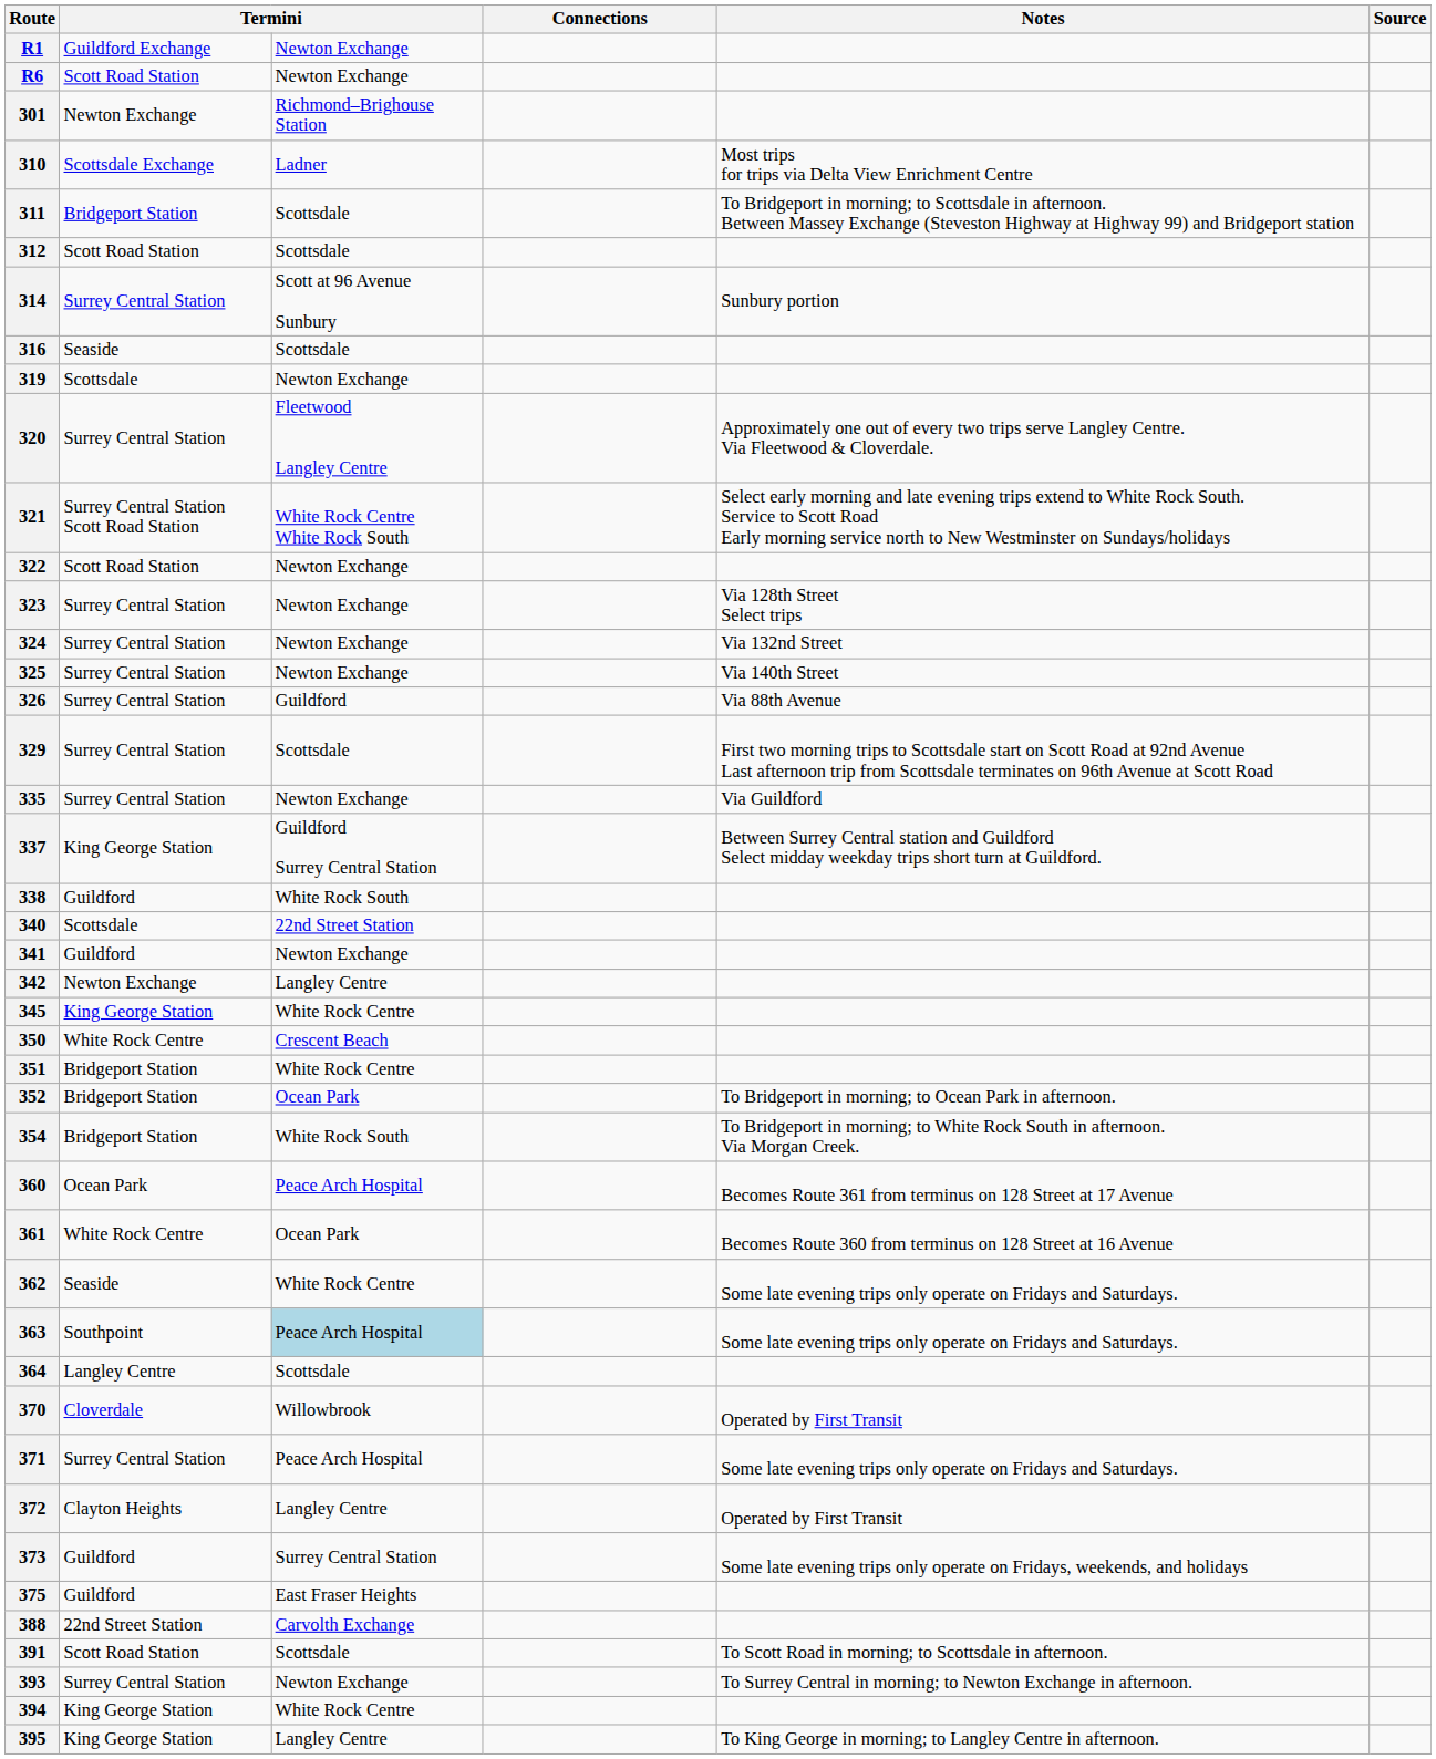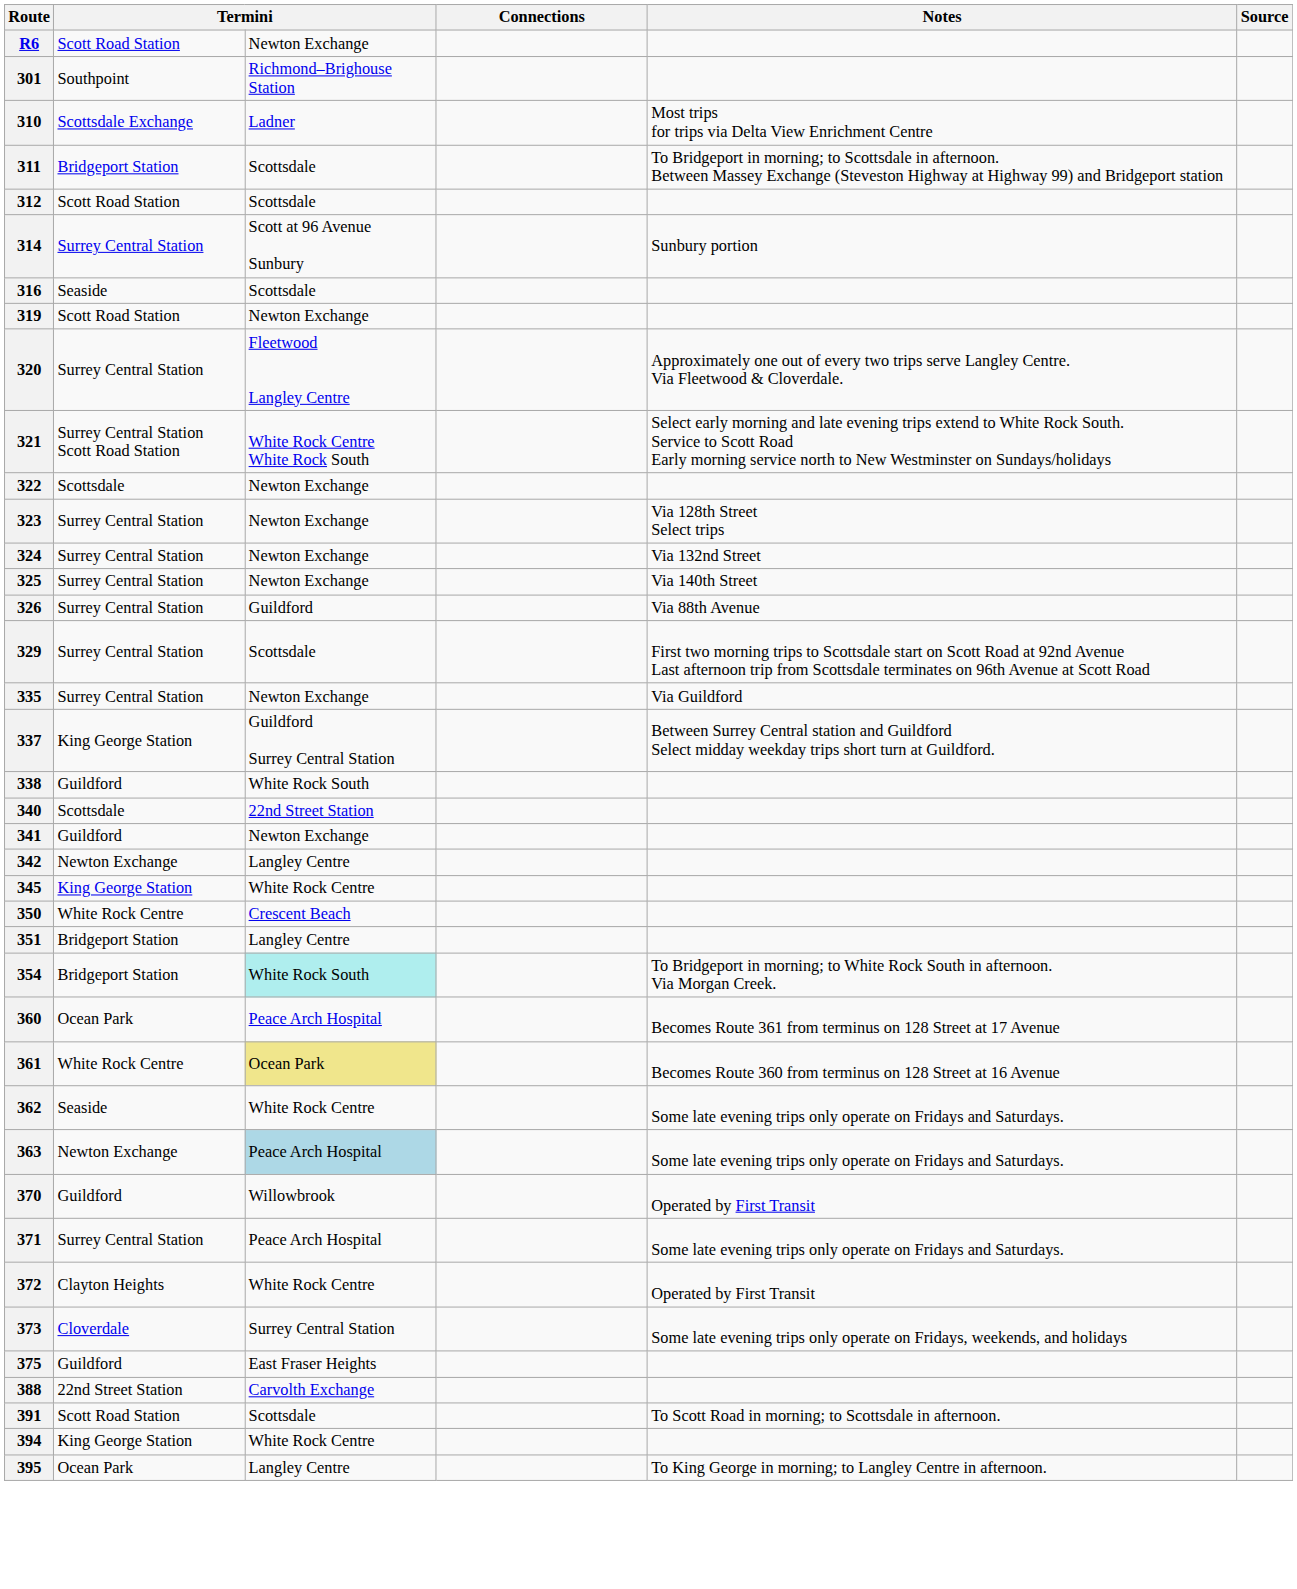 <table class="wikitable" style="width: 100%">
 <tr>
 <th width="40">Route</th>
 <th colspan=2>Termini</th>
 <th width="200">Connections</th>
 <th>Notes</th>
 <th>Source</th>
-</tr>
-<tr>
-<th><a href='#'>R1</a></th>
-<td width="180"><a href='#'>Guildford Exchange</a></td>
-<td width="180"><a href='#'>Newton Exchange</a></td>
-<td></td>
-<td></td>
-<td style="text-align: center;"></td>
 </tr>
 <tr>
 <th><a href='#'>R6</a></th>
 <td width="180"><a href='#'>Scott Road Station</a></td>
 <td width="180">Newton Exchange</td>
 <td></td>
 <td></td>
 <td style="text-align: center;"></td>
 </tr>
 <tr>
 <th>301</th>
-<td width="180">Newton Exchange</td>
+<td>Southpoint<br></td>
 <td width="180"><a href='#'>Richmond–Brighouse Station</a></td>
 <td></td>
 <td><br></td>
 <td style="text-align: center;"></td>
 </tr>
 <tr>
 <th>310</th>
 <td><a href='#'>Scottsdale Exchange</a></td>
 <td><a href='#'>Ladner</a><br></td>
 <td></td>
 <td> Most trips<br> for trips via Delta View Enrichment Centre</td>
 <td style="text-align: center;"></td>
 </tr>
 <tr>
 <th>311</th>
 <td><a href='#'>Bridgeport Station</a></td>
 <td>Scottsdale</td>
 <td></td>
 <td> To Bridgeport in morning; to Scottsdale in afternoon.<br> Between Massey Exchange (Steveston Highway at Highway 99) and Bridgeport station</td>
 <td style="text-align: center;"></td>
 </tr>
 <tr>
 <th>312</th>
 <td>Scott Road Station</td>
 <td>Scottsdale</td>
 <td></td>
 <td></td>
 <td style="text-align: center;"></td>
 </tr>
 <tr>
 <th>314</th>
 <td><a href='#'>Surrey Central Station</a></td>
 <td>Scott at 96 Avenue<br><br>Sunbury<br></td>
 <td></td>
 <td> Sunbury portion</td>
 <td style="text-align: center;"></td>
 </tr>
 <tr>
 <th>316</th>
 <td>Seaside<br></td>
 <td>Scottsdale</td>
 <td></td>
 <td></td>
 <td style="text-align: center;"></td>
 </tr>
 <tr>
 <th>319</th>
-<td>Scottsdale</td>
+<td>Scott Road Station</td>
 <td>Newton Exchange</td>
 <td></td>
 <td></td>
 <td style="text-align: center;"></td>
 </tr>
 <tr>
 <th>320</th>
 <td>Surrey Central Station</td>
 <td><a href='#'>Fleetwood</a><br><br><br><a href='#'>Langley Centre</a></td>
 <td></td>
 <td>Approximately one out of every two trips serve Langley Centre. <br>Via Fleetwood & Cloverdale.</td>
 <td style="text-align: center;"></td>
 </tr>
 <tr>
 <th>321</th>
 <td>Surrey Central Station<br>Scott Road Station</td>
 <td><br><a href='#'>White Rock Centre</a><br> <a href='#'>White Rock</a> South<br></td>
 <td><br></td>
 <td>Select early morning and late evening trips extend to White Rock South.<br> Service to Scott Road<br> Early morning service north to New Westminster on Sundays/holidays</td>
 <td style="text-align: center;"></td>
 </tr>
 <tr>
 <th>322</th>
-<td>Scott Road Station</td>
+<td>Scottsdale</td>
 <td>Newton Exchange</td>
 <td></td>
 <td></td>
 <td style="text-align: center;"></td>
 </tr>
 <tr>
 <th>323</th>
 <td>Surrey Central Station</td>
 <td>Newton Exchange</td>
 <td></td>
 <td>Via 128th Street<br> Select trips</td>
 <td style="text-align: center;"></td>
 </tr>
 <tr>
 <th>324</th>
 <td>Surrey Central Station</td>
 <td>Newton Exchange</td>
 <td></td>
 <td>Via 132nd Street</td>
 <td style="text-align: center;"></td>
 </tr>
 <tr>
 <th>325</th>
 <td>Surrey Central Station</td>
 <td>Newton Exchange</td>
 <td></td>
 <td>Via 140th Street</td>
 <td style="text-align: center;"></td>
 </tr>
 <tr>
 <th>326</th>
 <td>Surrey Central Station</td>
 <td>Guildford</td>
 <td></td>
 <td>Via 88th Avenue</td>
 <td style="text-align: center;"></td>
 </tr>
 <tr>
 <th>329</th>
 <td>Surrey Central Station</td>
 <td>Scottsdale</td>
 <td></td>
 <td><br>First two morning trips to Scottsdale start on Scott Road at 92nd Avenue<br>Last afternoon trip from Scottsdale terminates on 96th Avenue at Scott Road</td>
 <td style="text-align: center;"></td>
 </tr>
 <tr>
 <th>335</th>
 <td>Surrey Central Station</td>
 <td>Newton Exchange</td>
 <td></td>
 <td>Via Guildford</td>
 <td style="text-align: center;"></td>
 </tr>
 <tr>
 <th>337</th>
 <td>King George Station</td>
 <td>Guildford<br><br>Surrey Central Station</td>
 <td></td>
 <td> Between Surrey Central station and Guildford<br>Select midday weekday trips short turn at Guildford.</td>
 <td style="text-align: center;"></td>
 </tr>
 <tr>
 <th>338</th>
 <td>Guildford</td>
 <td>White Rock South<br></td>
 <td></td>
 <td></td>
 <td></td>
 </tr>
 <tr>
 <th>340</th>
 <td>Scottsdale</td>
 <td><a href='#'>22nd Street Station</a></td>
 <td></td>
 <td></td>
 <td style="text-align: center;"></td>
 </tr>
 <tr>
 <th>341</th>
 <td>Guildford</td>
 <td>Newton Exchange</td>
 <td></td>
 <td></td>
 <td style="text-align: center;"></td>
 </tr>
 <tr>
 <th>342</th>
 <td>Newton Exchange</td>
 <td>Langley Centre</td>
 <td></td>
 <td></td>
 <td style="text-align: center;"></td>
 </tr>
 <tr>
 <th>345</th>
 <td><a href='#'>King George Station</a></td>
 <td>White Rock Centre</td>
 <td></td>
 <td></td>
 <td style="text-align: center;"></td>
 </tr>
 <tr>
 <th>350</th>
 <td>White Rock Centre</td>
 <td><a href='#'>Crescent Beach</a><br></td>
 <td></td>
 <td></td>
 <td></td>
 </tr>
 <tr>
 <th>351</th>
 <td>Bridgeport Station</td>
-<td>White Rock Centre</td>
+<td>Langley Centre</td>
 <td></td>
 <td></td>
 <td style="text-align: center;"></td>
 </tr>
 <tr>
-<th>352</th>
-<td>Bridgeport Station</td>
-<td><a href='#'>Ocean Park</a><br></td>
-<td></td>
-<td> To Bridgeport in morning; to Ocean Park in afternoon.</td>
-<td style="text-align: center;"></td>
-</tr>
-<tr>
 <th>354</th>
 <td>Bridgeport Station</td>
-<td>White Rock South<br></td>
+<td style="background: paleturquoise;">White Rock South<br></td>
 <td></td>
 <td> To Bridgeport in morning; to White Rock South in afternoon.<br>Via Morgan Creek.</td>
 <td style="text-align: center;"></td>
 </tr>
 <tr>
 <th>360</th>
 <td>Ocean Park<br></td>
 <td><a href='#'>Peace Arch Hospital</a><br></td>
 <td></td>
 <td><br>Becomes Route 361 from terminus on 128 Street at 17 Avenue</td>
 <td style="text-align: center;"></td>
 </tr>
 <tr>
 <th>361</th>
 <td>White Rock Centre</td>
-<td>Ocean Park<br></td>
+<td style="background: khaki;">Ocean Park<br></td>
 <td></td>
 <td><br>Becomes Route 360 from terminus on 128 Street at 16 Avenue</td>
 <td style="text-align: center;"></td>
 </tr>
 <tr>
 <th>362</th>
 <td>Seaside<br></td>
 <td>White Rock Centre</td>
 <td></td>
 <td><br>Some late evening trips only operate on Fridays and Saturdays.</td>
 <td style="text-align: center;"></td>
 </tr>
 <tr>
 <th>363</th>
-<td>Southpoint<br></td>
+<td width="180">Newton Exchange</td>
 <td style="background: lightblue;">Peace Arch Hospital<br></td>
 <td></td>
 <td><br>Some late evening trips only operate on Fridays and Saturdays.</td>
 <td style="text-align: center;"></td>
 </tr>
 <tr>
-<th>364</th>
-<td>Langley Centre</td>
-<td>Scottsdale</td>
-<td></td>
-<td></td>
-<td style="text-align: center;"></td>
-</tr>
-<tr>
 <th>370</th>
-<td><a href='#'>Cloverdale</a><br></td>
+<td>Guildford</td>
 <td>Willowbrook<br></td>
 <td></td>
 <td><br>Operated by <a href='#'>First Transit</a></td>
 <td style="text-align: center;"></td>
 </tr>
 <tr>
 <th>371</th>
 <td>Surrey Central Station</td>
 <td>Peace Arch Hospital<br></td>
 <td></td>
 <td><br>Some late evening trips only operate on Fridays and Saturdays.</td>
 <td style="text-align: center;"></td>
 </tr>
 <tr>
 <th>372</th>
 <td>Clayton Heights<br></td>
-<td>Langley Centre</td>
+<td>White Rock Centre</td>
 <td></td>
 <td><br>Operated by First Transit</td>
 <td style="text-align: center;"></td>
 </tr>
 <tr>
 <th>373</th>
-<td>Guildford</td>
+<td><a href='#'>Cloverdale</a><br></td>
 <td>Surrey Central Station</td>
 <td></td>
 <td><br>Some late evening trips only operate on Fridays, weekends, and holidays</td>
 <td style="text-align: center;"></td>
 </tr>
 <tr>
 <th>375</th>
 <td>Guildford</td>
 <td>East Fraser Heights<br></td>
 <td></td>
 <td></td>
 <td style="text-align: center;"></td>
 </tr>
 <tr>
 <th>388</th>
 <td>22nd Street Station</td>
 <td><a href='#'>Carvolth Exchange</a></td>
 <td></td>
 <td></td>
 <td style="text-align: center;"></td>
 </tr>
 <tr>
 <th>391</th>
 <td>Scott Road Station</td>
 <td>Scottsdale</td>
 <td></td>
 <td> To Scott Road in morning; to Scottsdale in afternoon.</td>
 <td style="text-align: center;"></td>
 </tr>
 <tr>
-<th>393</th>
-<td>Surrey Central Station</td>
-<td>Newton Exchange</td>
-<td></td>
-<td> To Surrey Central in morning; to Newton Exchange in afternoon.</td>
-<td style="text-align: center;"></td>
-</tr>
-<tr>
 <th>394</th>
 <td>King George Station</td>
 <td>White Rock Centre</td>
 <td></td>
 <td></td>
 <td style="text-align: center;"></td>
 </tr>
 <tr>
 <th>395</th>
-<td>King George Station</td>
+<td>Ocean Park<br></td>
 <td>Langley Centre</td>
 <td></td>
 <td> To King George in morning; to Langley Centre in afternoon.</td>
 <td style="text-align: center;"></td>
 </tr>
 </table>
